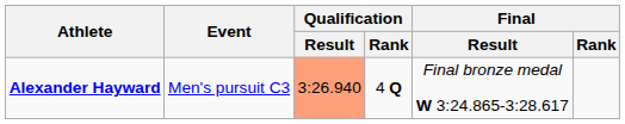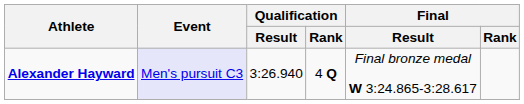 <table class=wikitable style="font-size:90%">
 <tr>
 <th rowspan="2">Athlete</th>
 <th rowspan="2">Event</th>
 <th colspan="2">Qualification</th>
 <th colspan="2">Final</th>
 </tr>
 <tr>
 <th>Result</th>
 <th>Rank</th>
 <th>Result</th>
 <th>Rank</th>
 </tr>
 <tr align=center>
 <td align=left><strong><a href='#'>Alexander Hayward</a></strong></td>
-<td align=left><a href='#'>Men's pursuit C3</a></td>
-<td style="background: lightsalmon;">3:26.940</td>
+<td align=left style="background: lavender;"><a href='#'>Men's pursuit C3</a></td>
+<td>3:26.940</td>
 <td>4 <strong>Q</strong></td>
 <td><em>Final bronze medal</em><br><br><strong>W</strong> 3:24.865-3:28.617</td>
 <td></td>
 </tr>
 </table>
